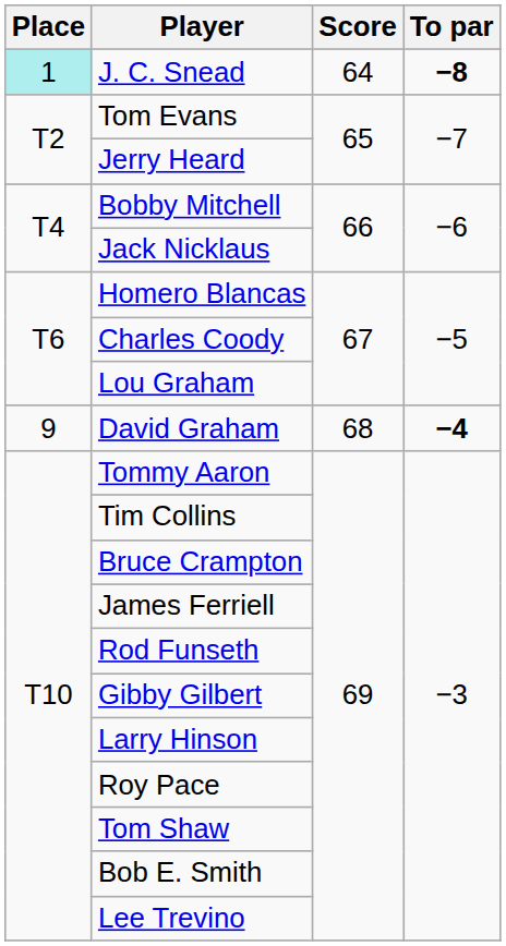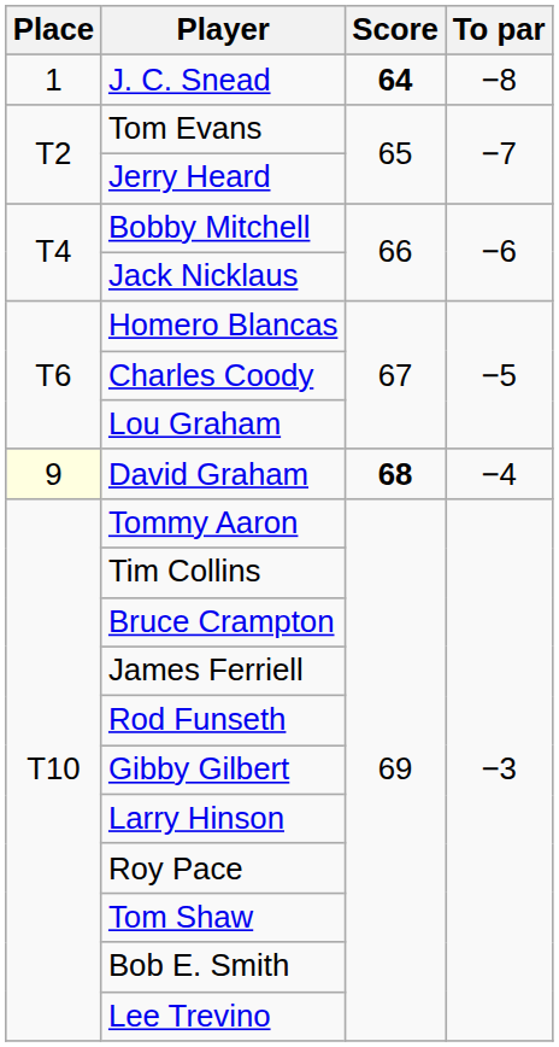 <table class="wikitable">
 <tr>
 <th>Place</th>
 <th>Player</th>
 <th>Score</th>
 <th>To par</th>
 </tr>
 <tr>
-<td align=center style="background: paleturquoise;">1</td>
+<td align=center>1</td>
 <td> <a href='#'>J. C. Snead</a></td>
-<td align=center>64</td>
-<td align=center><strong>−8</strong></td>
+<td align=center><strong>64</strong></td>
+<td align=center>−8</td>
 </tr>
 <tr>
 <td rowspan=2 align=center>T2</td>
 <td> Tom Evans</td>
 <td rowspan=2 align=center>65</td>
 <td rowspan=2 align=center>−7</td>
 </tr>
 <tr>
 <td> <a href='#'>Jerry Heard</a></td>
 </tr>
 <tr>
 <td rowspan=2 align=center>T4</td>
 <td> <a href='#'>Bobby Mitchell</a></td>
 <td rowspan=2 align=center>66</td>
 <td rowspan=2 align=center>−6</td>
 </tr>
 <tr>
 <td> <a href='#'>Jack Nicklaus</a></td>
 </tr>
 <tr>
 <td rowspan=3 align=center>T6</td>
 <td> <a href='#'>Homero Blancas</a></td>
 <td rowspan=3 align=center>67</td>
 <td rowspan=3 align=center>−5</td>
 </tr>
 <tr>
 <td> <a href='#'>Charles Coody</a></td>
 </tr>
 <tr>
 <td> <a href='#'>Lou Graham</a></td>
 </tr>
 <tr>
-<td align=center>9</td>
+<td align=center style="background: lightyellow;">9</td>
 <td> <a href='#'>David Graham</a></td>
-<td align=center>68</td>
-<td align=center><strong>−4</strong></td>
+<td align=center><strong>68</strong></td>
+<td align=center>−4</td>
 </tr>
 <tr>
 <td rowspan=11 align=center>T10</td>
 <td> <a href='#'>Tommy Aaron</a></td>
 <td rowspan=11 align=center>69</td>
 <td rowspan=11 align=center>−3</td>
 </tr>
 <tr>
 <td> Tim Collins</td>
 </tr>
 <tr>
 <td> <a href='#'>Bruce Crampton</a></td>
 </tr>
 <tr>
 <td> James Ferriell</td>
 </tr>
 <tr>
 <td> <a href='#'>Rod Funseth</a></td>
 </tr>
 <tr>
 <td> <a href='#'>Gibby Gilbert</a></td>
 </tr>
 <tr>
 <td> <a href='#'>Larry Hinson</a></td>
 </tr>
 <tr>
 <td> Roy Pace</td>
 </tr>
 <tr>
 <td> <a href='#'>Tom Shaw</a></td>
 </tr>
 <tr>
 <td> Bob E. Smith</td>
 </tr>
 <tr>
 <td> <a href='#'>Lee Trevino</a></td>
 </tr>
 </table>
